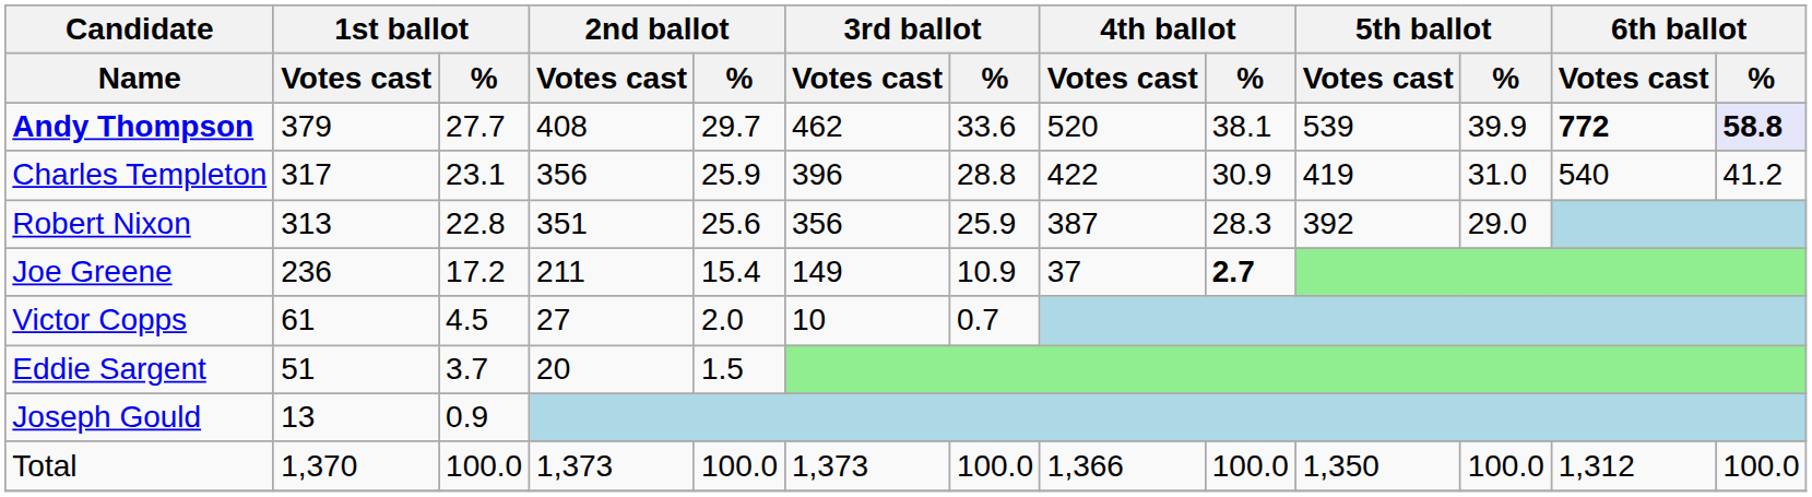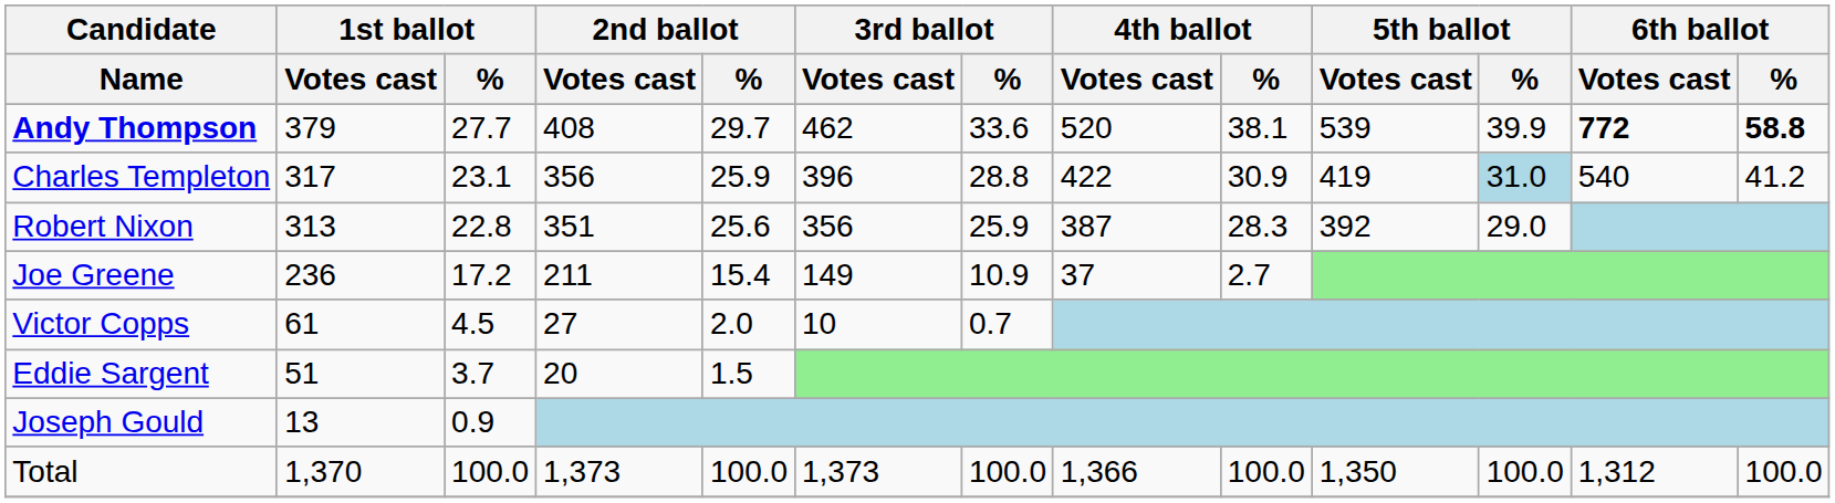 <table class="wikitable">
 <tr>
 <th colspan = "1">Candidate</th>
 <th colspan = "2">1st ballot</th>
 <th colspan = "2">2nd ballot</th>
 <th colspan = "2">3rd ballot</th>
 <th colspan = "2">4th ballot</th>
 <th colspan = "2">5th ballot</th>
 <th colspan = "2">6th ballot</th>
 </tr>
 <tr>
 <th>Name</th>
 <th>Votes cast</th>
 <th>%</th>
 <th>Votes cast</th>
 <th>%</th>
 <th>Votes cast</th>
 <th>%</th>
 <th>Votes cast</th>
 <th>%</th>
 <th>Votes cast</th>
 <th>%</th>
 <th>Votes cast</th>
 <th>%</th>
 </tr>
 <tr>
 <td><strong><a href='#'>Andy Thompson</a></strong></td>
 <td>379</td>
 <td>27.7</td>
 <td>408</td>
 <td>29.7</td>
 <td>462</td>
 <td>33.6</td>
 <td>520</td>
 <td>38.1</td>
 <td>539</td>
 <td>39.9</td>
 <td><strong>772</strong></td>
-<td style="background: lavender;"><strong>58.8</strong></td>
+<td><strong>58.8</strong></td>
 </tr>
 <tr>
 <td><a href='#'>Charles Templeton</a></td>
 <td>317</td>
 <td>23.1</td>
 <td>356</td>
 <td>25.9</td>
 <td>396</td>
 <td>28.8</td>
 <td>422</td>
 <td>30.9</td>
 <td>419</td>
-<td>31.0</td>
+<td style="background: lightblue;">31.0</td>
 <td>540</td>
 <td>41.2</td>
 </tr>
 <tr>
 <td><a href='#'>Robert Nixon</a></td>
 <td>313</td>
 <td>22.8</td>
 <td>351</td>
 <td>25.6</td>
 <td>356</td>
 <td>25.9</td>
 <td>387</td>
 <td>28.3</td>
 <td>392</td>
 <td>29.0</td>
 <td style="text-align:left;background:lightblue" colspan = "2"></td>
 </tr>
 <tr>
 <td><a href='#'>Joe Greene</a></td>
 <td>236</td>
 <td>17.2</td>
 <td>211</td>
 <td>15.4</td>
 <td>149</td>
 <td>10.9</td>
 <td>37</td>
-<td><strong>2.7</strong></td>
+<td>2.7</td>
 <td style="text-align:left;background:lightgreen" colspan = "4"></td>
 </tr>
 <tr>
 <td><a href='#'>Victor Copps</a></td>
 <td>61</td>
 <td>4.5</td>
 <td>27</td>
 <td>2.0</td>
 <td>10</td>
 <td>0.7</td>
 <td style="text-align:left;background:lightblue" colspan = "6"></td>
 </tr>
 <tr>
 <td><a href='#'>Eddie Sargent</a></td>
 <td>51</td>
 <td>3.7</td>
 <td>20</td>
 <td>1.5</td>
 <td style="text-align:left;background:lightgreen" colspan = "8"></td>
 </tr>
 <tr>
 <td><a href='#'>Joseph Gould</a></td>
 <td>13</td>
 <td>0.9</td>
 <td style="text-align:left;background:lightblue" colspan = "10"></td>
 </tr>
 <tr>
 <td>Total</td>
 <td>1,370</td>
 <td>100.0</td>
 <td>1,373</td>
 <td>100.0</td>
 <td>1,373</td>
 <td>100.0</td>
 <td>1,366</td>
 <td>100.0</td>
 <td>1,350</td>
 <td>100.0</td>
 <td>1,312</td>
 <td>100.0</td>
 </tr>
 <tr>
 </tr>
 </table>
